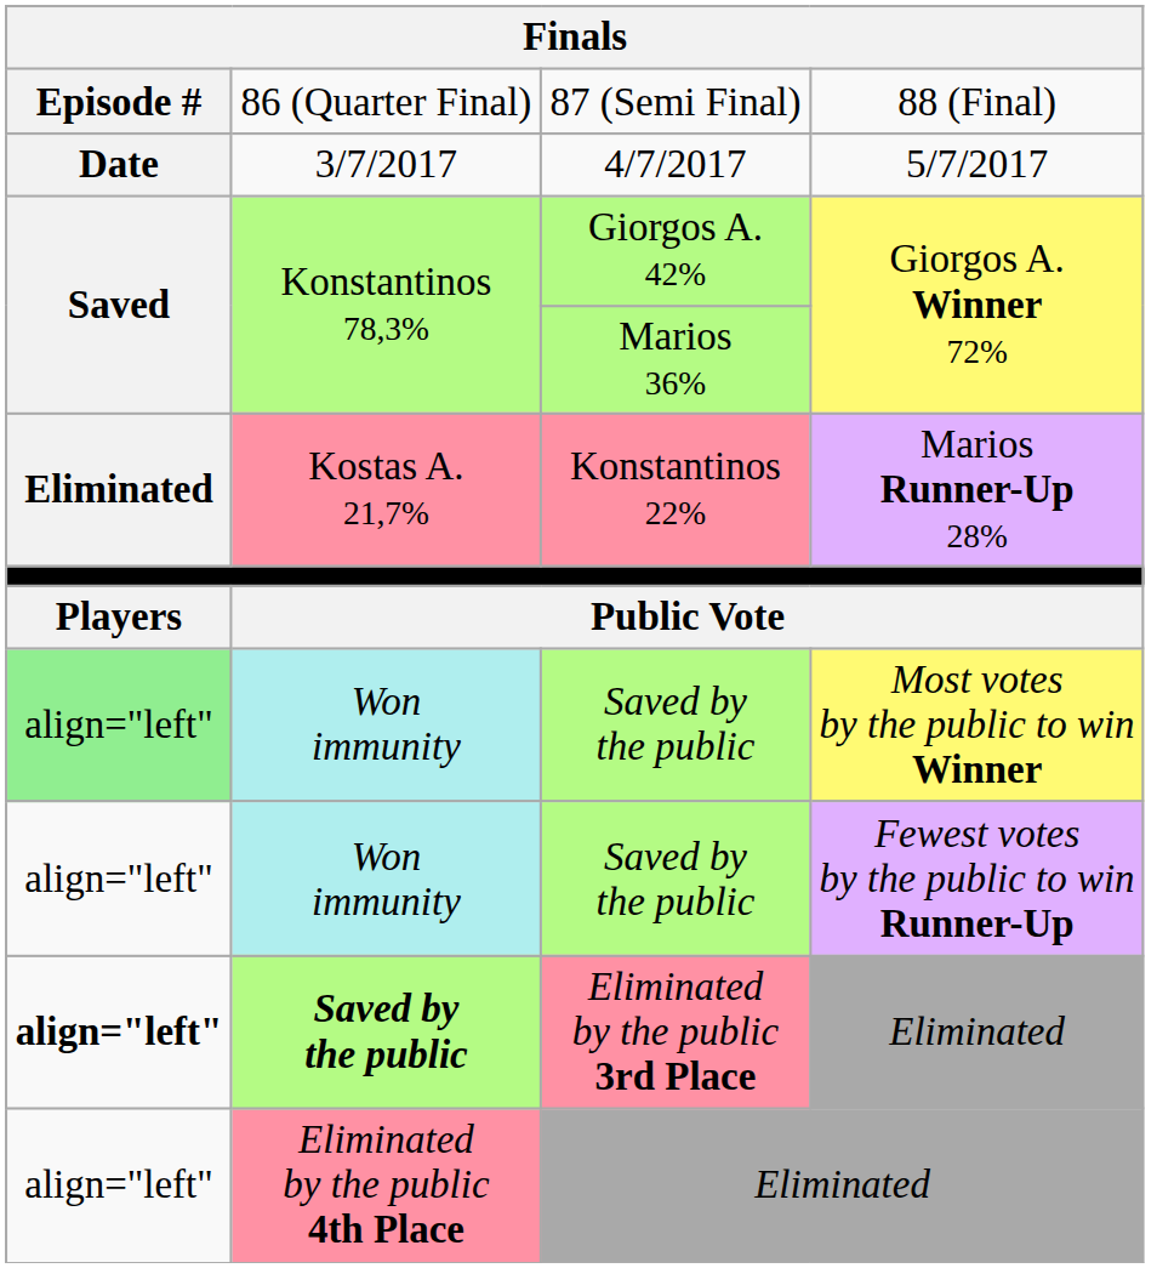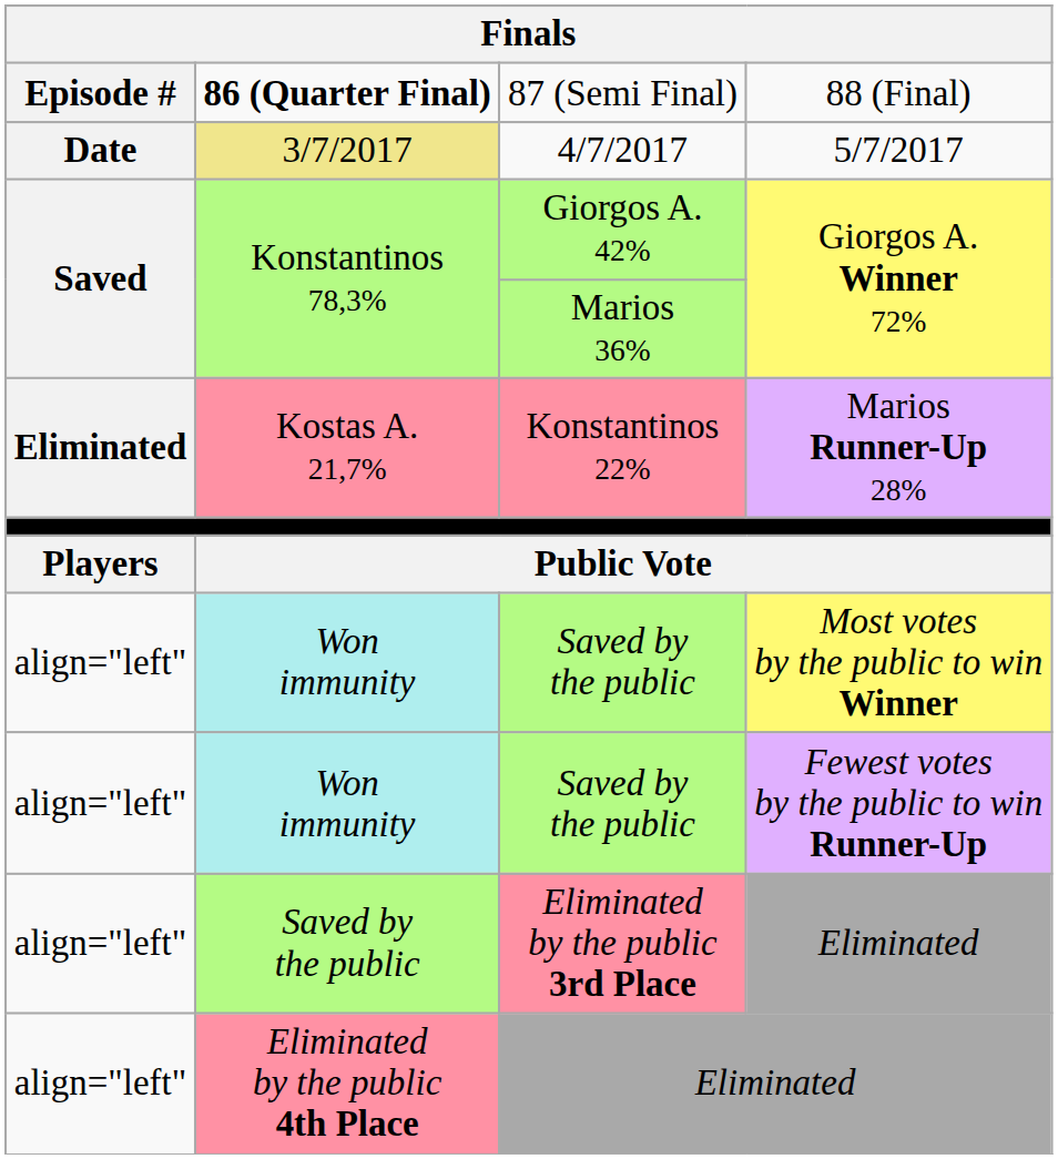 <table class="wikitable " style="text-align:center;">
 <tr>
 <th colspan="4">Finals</th>
 </tr>
 <tr>
 <th>Episode #</th>
-<td>86 (Quarter Final)</td>
+<td><strong>86 (Quarter Final)</strong></td>
 <td>87 (Semi Final)</td>
 <td>88 (Final)</td>
 </tr>
 <tr>
 <th>Date</th>
-<td>3/7/2017</td>
+<td style="background: khaki;">3/7/2017</td>
 <td>4/7/2017</td>
 <td>5/7/2017</td>
 </tr>
 <tr>
 <th rowspan=2>Saved</th>
 <td rowspan=2 style="background:#B4FB84">Konstantinos<br> <small>78,3%</small></td>
 <td style="background:#B4FB84">Giorgos A. <br> <small>42%</small></td>
 <td rowspan=2 style="background:#fffa73">Giorgos A. <br> <strong>Winner</strong> <br><small> 72% </small></td>
 </tr>
 <tr>
 <td style="background:#B4FB84">Marios<br> <small>36%</small></td>
 </tr>
 <tr>
 <th>Eliminated</th>
 <td style="background:#FF91A4">Kostas A.<br> <small>21,7%</small></td>
 <td style="background:#FF91A4">Konstantinos<br> <small>22%</small></td>
 <td style="background:#E0B0FF">Marios <br> <strong>Runner-Up</strong><br><small>28%</small></td>
 </tr>
 <tr>
 <th colspan="5" style="background:black;"></th>
 </tr>
 <tr>
 <th>Players</th>
 <th colspan="3">Public Vote</th>
 </tr>
 <tr>
-<td style="background: lightgreen;">align="left" </td>
+<td>align="left" </td>
 <td style="background:#afeeee"><em>Won<br> immunity</em></td>
 <td style="background:#B4FB84"><em>Saved by <br>the public</em></td>
 <td style="background:#fffa73"><em>Most votes <br>by the public to win</em><br><strong>Winner</strong></td>
 </tr>
 <tr>
 <td>align="left" </td>
 <td style="background:#afeeee"><em>Won<br> immunity</em></td>
 <td style="background:#B4FB84"><em>Saved by <br>the public</em></td>
 <td style="background:#E0B0FF"><em>Fewest votes <br>by the public to win</em><br><strong>Runner-Up</strong></td>
 </tr>
 <tr>
-<td><strong>align="left" </strong></td>
-<td style="background:#B4FB84"><strong><em>Saved by <br>the public</em></strong></td>
+<td>align="left" </td>
+<td style="background:#B4FB84"><em>Saved by <br>the public</em></td>
 <td style="background:#FF91A4"><em>Eliminated <br> by the public</em><br> <strong>3rd Place</strong></td>
 <td colspan=3 style="background:darkgray"><em>Eliminated</em></td>
 </tr>
 <tr>
 <td>align="left" </td>
 <td style="background:#FF91A4"><em>Eliminated <br> by the public</em><br> <strong>4th Place</strong></td>
 <td colspan=3 style="background:darkgray"><em>Eliminated</em><br></td>
 </tr>
 <tr>
 </tr>
 </table>
